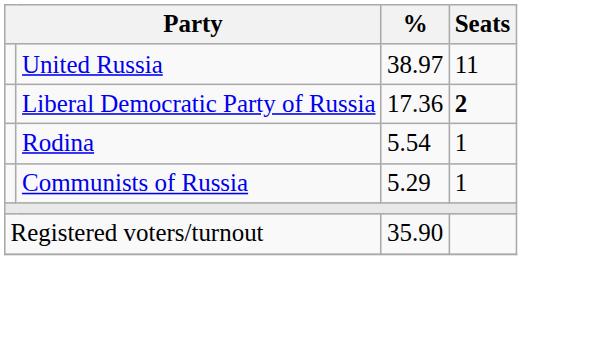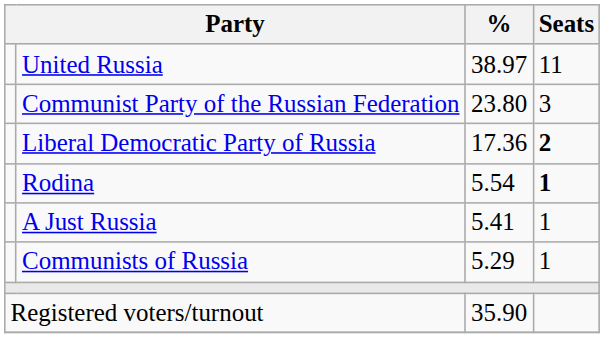 <table class="wikitable">
 <tr>
 <th colspan=2>Party</th>
 <th>%</th>
 <th>Seats</th>
 </tr>
 <tr>
 <td style="background:"></td>
 <td><a href='#'>United Russia</a></td>
 <td>38.97</td>
 <td>11</td>
 </tr>
 <tr>
 <td style="background:"></td>
+<td><a href='#'>Communist Party of the Russian Federation</a></td>
+<td>23.80</td>
+<td>3</td>
+</tr>
+<tr>
+<td style="background:"></td>
 <td><a href='#'>Liberal Democratic Party of Russia</a></td>
 <td>17.36</td>
 <td><strong>2</strong></td>
 </tr>
 <tr>
 <td style="background:"></td>
 <td><a href='#'>Rodina</a></td>
 <td>5.54</td>
+<td><strong>1</strong></td>
+</tr>
+<tr>
+<td style="background:"></td>
+<td><a href='#'>A Just Russia</a></td>
+<td>5.41</td>
 <td>1</td>
 </tr>
 <tr>
 <td style="background:"></td>
 <td><a href='#'>Communists of Russia</a></td>
 <td>5.29</td>
 <td>1</td>
 </tr>
 <tr>
 <td colspan=4 style="background:#E9E9E9;"></td>
 </tr>
 <tr>
 <td align=left colspan=2>Registered voters/turnout</td>
 <td>35.90</td>
 <td></td>
 </tr>
 <tr>
 </tr>
 </table>
